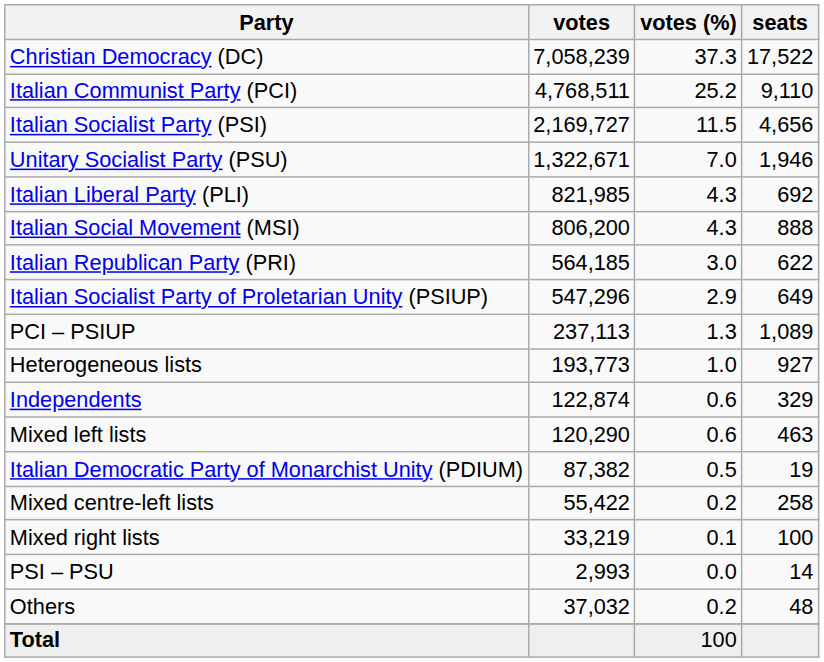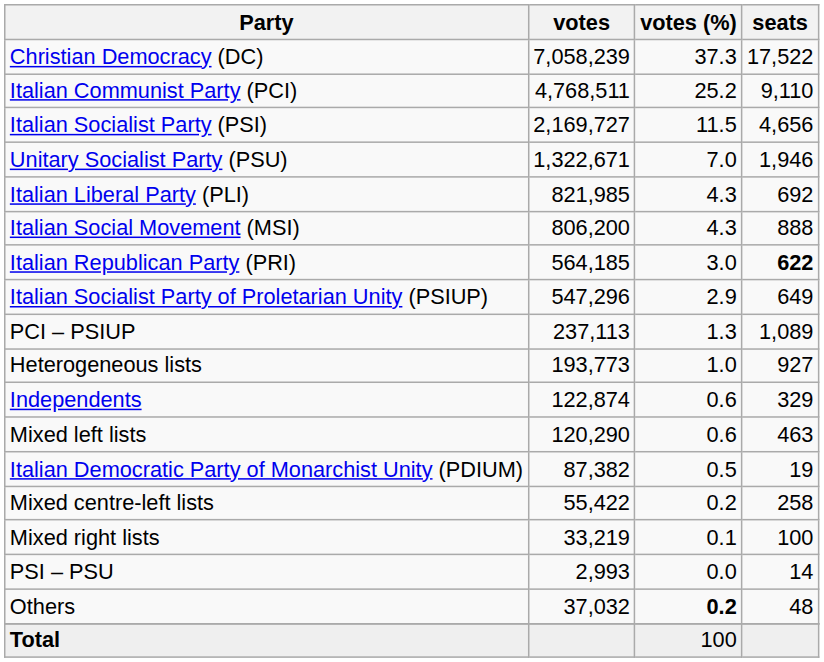 <table class="wikitable" style="font-size: 90%;">
 <tr bgcolor="EFEFEF">
 <th>Party</th>
 <th>votes</th>
 <th>votes (%)</th>
 <th>seats</th>
 </tr>
 <tr>
 <td><a href='#'>Christian Democracy</a> (DC)</td>
 <td align=right>7,058,239</td>
 <td align=right>37.3</td>
 <td align=right>17,522</td>
 </tr>
 <tr>
 <td><a href='#'>Italian Communist Party</a> (PCI)</td>
 <td align=right>4,768,511</td>
 <td align=right>25.2</td>
 <td align=right>9,110</td>
 </tr>
 <tr>
 <td><a href='#'>Italian Socialist Party</a> (PSI)</td>
 <td align=right>2,169,727</td>
 <td align=right>11.5</td>
 <td align=right>4,656</td>
 </tr>
 <tr>
 <td><a href='#'>Unitary Socialist Party</a> (PSU)</td>
 <td align=right>1,322,671</td>
 <td align=right>7.0</td>
 <td align=right>1,946</td>
 </tr>
 <tr>
 <td><a href='#'>Italian Liberal Party</a> (PLI)</td>
 <td align=right>821,985</td>
 <td align=right>4.3</td>
 <td align=right>692</td>
 </tr>
 <tr>
 <td><a href='#'>Italian Social Movement</a> (MSI)</td>
 <td align=right>806,200</td>
 <td align=right>4.3</td>
 <td align=right>888</td>
 </tr>
 <tr>
 <td><a href='#'>Italian Republican Party</a> (PRI)</td>
 <td align=right>564,185</td>
 <td align=right>3.0</td>
-<td align=right>622</td>
+<td align=right><strong>622</strong></td>
 </tr>
 <tr>
 <td><a href='#'>Italian Socialist Party of Proletarian Unity</a> (PSIUP)</td>
 <td align=right>547,296</td>
 <td align=right>2.9</td>
 <td align=right>649</td>
 </tr>
 <tr>
 <td>PCI – PSIUP</td>
 <td align=right>237,113</td>
 <td align=right>1.3</td>
 <td align=right>1,089</td>
 </tr>
 <tr>
 <td>Heterogeneous lists</td>
 <td align=right>193,773</td>
 <td align=right>1.0</td>
 <td align=right>927</td>
 </tr>
 <tr>
 <td><a href='#'>Independents</a></td>
 <td align=right>122,874</td>
 <td align=right>0.6</td>
 <td align=right>329</td>
 </tr>
 <tr>
 <td>Mixed left lists</td>
 <td align=right>120,290</td>
 <td align=right>0.6</td>
 <td align=right>463</td>
 </tr>
 <tr>
 <td><a href='#'>Italian Democratic Party of Monarchist Unity</a> (PDIUM)</td>
 <td align=right>87,382</td>
 <td align=right>0.5</td>
 <td align=right>19</td>
 </tr>
 <tr>
 <td>Mixed centre-left lists</td>
 <td align=right>55,422</td>
 <td align=right>0.2</td>
 <td align=right>258</td>
 </tr>
 <tr>
 <td>Mixed right lists</td>
 <td align=right>33,219</td>
 <td align=right>0.1</td>
 <td align=right>100</td>
 </tr>
 <tr>
 <td>PSI – PSU</td>
 <td align=right>2,993</td>
 <td align=right>0.0</td>
 <td align=right>14</td>
 </tr>
 <tr>
 <td>Others</td>
 <td align=right>37,032</td>
-<td align=right>0.2</td>
+<td align=right><strong>0.2</strong></td>
 <td align=right>48</td>
 </tr>
 <tr>
 </tr>
 <tr bgcolor="EFEFEF">
 <td align=left><strong>Total</strong></td>
 <td align=right></td>
 <td align=right>100</td>
 <td align=right></td>
 </tr>
 </table>
